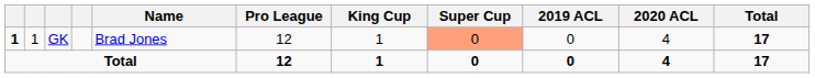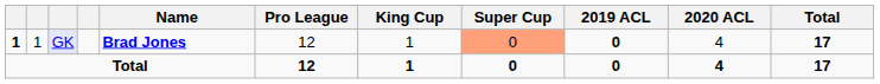 <table class="wikitable" style="text-align:center">
 <tr>
 <th width=15></th>
 <th width=15></th>
 <th width=15></th>
 <th width=15></th>
 <th width=155>Name</th>
 <th width=100>Pro League</th>
 <th width=100>King Cup</th>
 <th width=100>Super Cup</th>
 <th width=100>2019 ACL</th>
 <th width=100>2020 ACL</th>
 <th width=100>Total</th>
 </tr>
 <tr>
 <td><strong>1</strong></td>
 <td>1</td>
-<td><a href='#'>GK</a></td>
+<td style="background: lavender;"><a href='#'>GK</a></td>
 <td></td>
-<td align=left><a href='#'>Brad Jones</a></td>
+<td align=left><strong><a href='#'>Brad Jones</a></strong></td>
 <td>12</td>
 <td>1</td>
 <td style="background: lightsalmon;">0</td>
-<td>0</td>
+<td><strong>0</strong></td>
 <td>4</td>
 <td><strong>17</strong></td>
 </tr>
 <tr>
 <td colspan=5><strong>Total</strong></td>
 <td><strong>12</strong></td>
 <td><strong>1</strong></td>
 <td><strong>0</strong></td>
 <td><strong>0</strong></td>
 <td><strong>4</strong></td>
 <td><strong>17</strong></td>
 </tr>
 </table>
